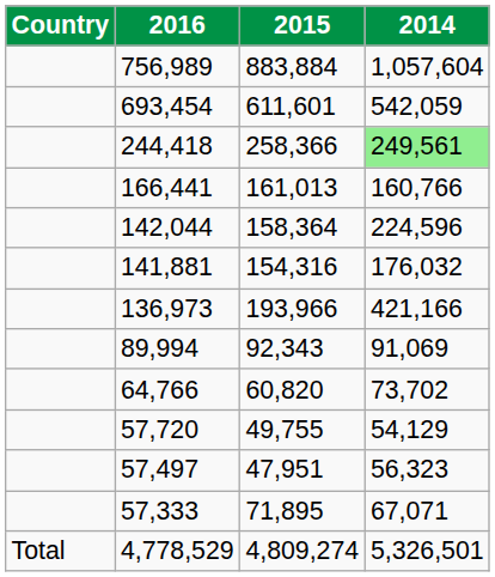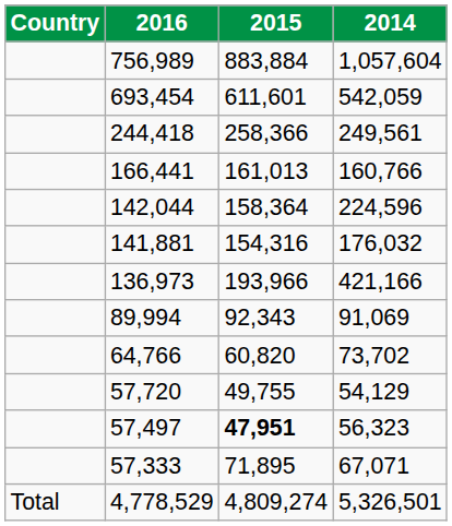 <table class="wikitable sortable">
 <tr>
 </tr>
 <tr style=color:white>
 <th style=background:#009246>Country</th>
 <th style=background:#009246>2016</th>
 <th style=background:#009246>2015</th>
 <th style=background:#009246>2014</th>
 </tr>
 <tr>
 <td></td>
 <td> 756,989</td>
 <td> 883,884</td>
 <td>1,057,604</td>
 </tr>
 <tr>
 <td></td>
 <td> 693,454</td>
 <td> 611,601</td>
 <td>542,059</td>
 </tr>
 <tr>
 <td></td>
 <td> 244,418</td>
 <td> 258,366</td>
-<td style="background: lightgreen;">249,561</td>
+<td>249,561</td>
 </tr>
 <tr>
 <td></td>
 <td> 166,441</td>
 <td> 161,013</td>
 <td>160,766</td>
 </tr>
 <tr>
 <td></td>
 <td> 142,044</td>
 <td> 158,364</td>
 <td>224,596</td>
 </tr>
 <tr>
 <td></td>
 <td> 141,881</td>
 <td> 154,316</td>
 <td>176,032</td>
 </tr>
 <tr>
 <td></td>
 <td> 136,973</td>
 <td> 193,966</td>
 <td>421,166</td>
 </tr>
 <tr>
 <td></td>
 <td> 89,994</td>
 <td> 92,343</td>
 <td>91,069</td>
 </tr>
 <tr>
 <td></td>
 <td> 64,766</td>
 <td> 60,820</td>
 <td>73,702</td>
 </tr>
 <tr>
 <td></td>
 <td> 57,720</td>
 <td> 49,755</td>
 <td>54,129</td>
 </tr>
 <tr>
 <td></td>
 <td> 57,497</td>
-<td> 47,951</td>
+<td><strong> 47,951</strong></td>
 <td>56,323</td>
 </tr>
 <tr>
 <td></td>
 <td> 57,333</td>
 <td> 71,895</td>
 <td>67,071</td>
 </tr>
 <tr>
 <td>Total</td>
 <td> 4,778,529</td>
 <td> 4,809,274</td>
 <td>5,326,501</td>
 </tr>
 </table>
